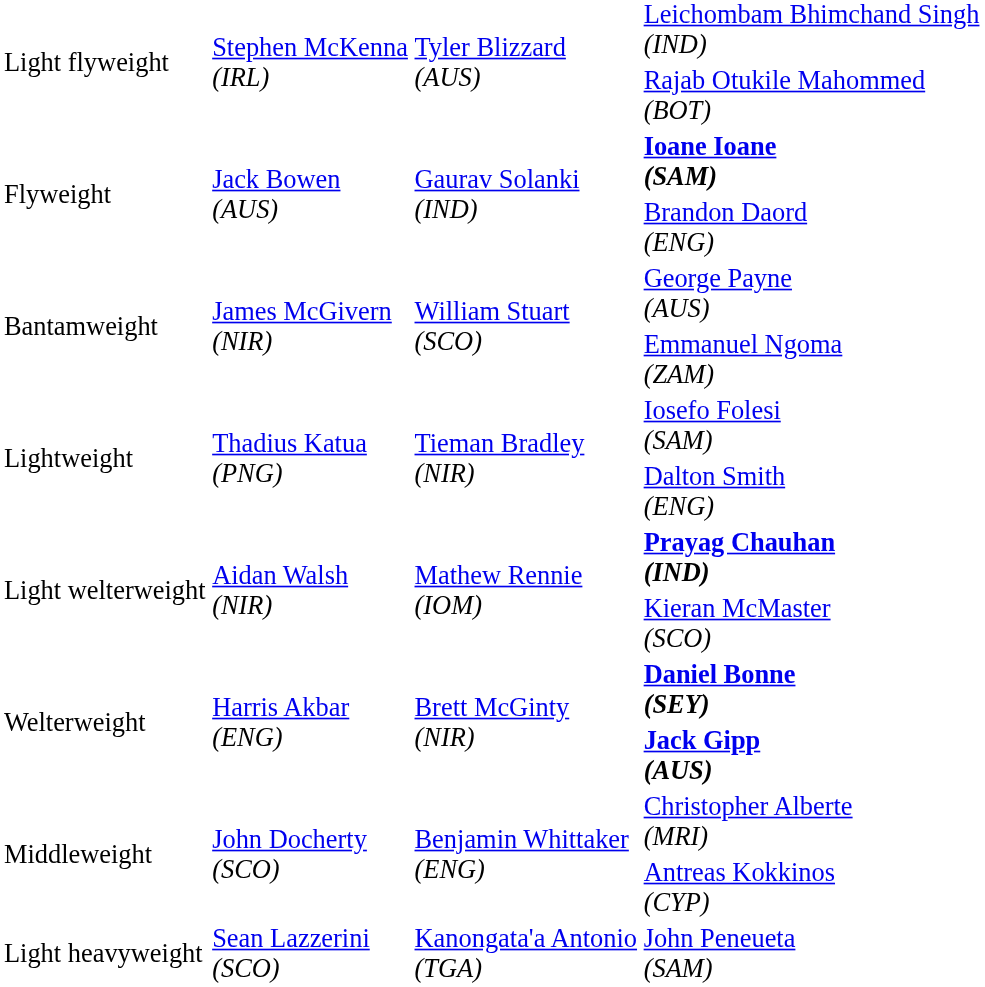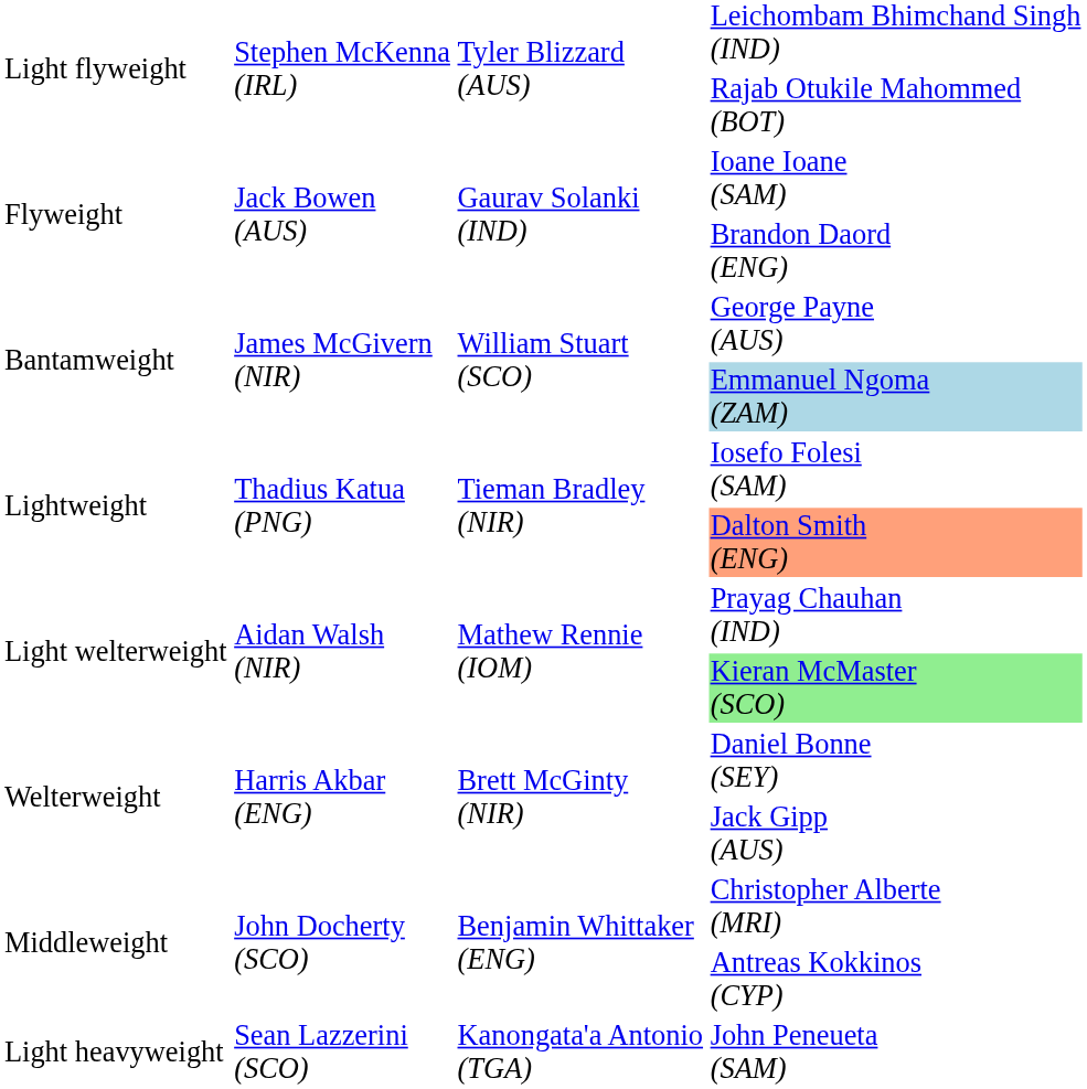 <table>
 <tr>
 <td rowspan=2>Light flyweight</td>
 <td rowspan=2><a href='#'>Stephen McKenna</a><br><em> (IRL)</em></td>
 <td rowspan=2><a href='#'>Tyler Blizzard</a><br><em> (AUS)</em></td>
 <td><a href='#'>Leichombam Bhimchand Singh</a><br><em> (IND)</em></td>
 </tr>
 <tr>
 <td><a href='#'>Rajab Otukile Mahommed</a><br><em> (BOT)</em></td>
 </tr>
 <tr>
 <td rowspan=2>Flyweight</td>
 <td rowspan=2><a href='#'>Jack Bowen</a><br><em> (AUS)</em></td>
 <td rowspan=2><a href='#'>Gaurav Solanki</a><br><em> (IND)</em></td>
-<td><strong><a href='#'>Ioane Ioane</a><br><em> (SAM)</em></strong></td>
+<td><a href='#'>Ioane Ioane</a><br><em> (SAM)</em></td>
 </tr>
 <tr>
 <td><a href='#'>Brandon Daord</a><br><em> (ENG)</em></td>
 </tr>
 <tr>
 <td rowspan=2>Bantamweight</td>
 <td rowspan=2><a href='#'>James McGivern</a><br><em> (NIR)</em></td>
 <td rowspan=2><a href='#'>William Stuart</a><br><em> (SCO)</em></td>
 <td><a href='#'>George Payne</a><br><em> (AUS)</em></td>
 </tr>
 <tr>
-<td><a href='#'>Emmanuel Ngoma</a><br><em> (ZAM)</em></td>
+<td style="background: lightblue;"><a href='#'>Emmanuel Ngoma</a><br><em> (ZAM)</em></td>
 </tr>
 <tr>
 <td rowspan=2>Lightweight</td>
 <td rowspan=2><a href='#'>Thadius Katua</a><br><em> (PNG)</em></td>
 <td rowspan=2><a href='#'>Tieman Bradley</a><br><em> (NIR)</em></td>
 <td><a href='#'>Iosefo Folesi</a><br><em> (SAM)</em></td>
 </tr>
 <tr>
-<td><a href='#'>Dalton Smith</a><br><em> (ENG)</em></td>
+<td style="background: lightsalmon;"><a href='#'>Dalton Smith</a><br><em> (ENG)</em></td>
 </tr>
 <tr>
 <td rowspan=2>Light welterweight</td>
 <td rowspan=2><a href='#'>Aidan Walsh</a><br><em> (NIR)</em></td>
 <td rowspan=2><a href='#'>Mathew Rennie</a><br><em> (IOM)</em></td>
-<td><strong><a href='#'>Prayag Chauhan</a><br><em> (IND)</em></strong></td>
+<td><a href='#'>Prayag Chauhan</a><br><em> (IND)</em></td>
 </tr>
 <tr>
-<td><a href='#'>Kieran McMaster</a><br><em> (SCO)</em></td>
+<td style="background: lightgreen;"><a href='#'>Kieran McMaster</a><br><em> (SCO)</em></td>
 </tr>
 <tr>
 <td rowspan=2>Welterweight</td>
 <td rowspan=2><a href='#'>Harris Akbar</a><br><em> (ENG)</em></td>
 <td rowspan=2><a href='#'>Brett McGinty</a><br><em> (NIR)</em></td>
-<td><strong><a href='#'>Daniel Bonne</a><br><em> (SEY)</em></strong></td>
+<td><a href='#'>Daniel Bonne</a><br><em> (SEY)</em></td>
 </tr>
 <tr>
-<td><strong><a href='#'>Jack Gipp</a><br><em> (AUS)</em></strong></td>
+<td><a href='#'>Jack Gipp</a><br><em> (AUS)</em></td>
 </tr>
 <tr>
 <td rowspan=2>Middleweight</td>
 <td rowspan=2><a href='#'>John Docherty</a><br><em> (SCO)</em></td>
 <td rowspan=2><a href='#'>Benjamin Whittaker</a><br><em> (ENG)</em></td>
 <td><a href='#'>Christopher Alberte</a><br><em> (MRI)</em></td>
 </tr>
 <tr>
 <td><a href='#'>Antreas Kokkinos</a><br><em> (CYP)</em></td>
 </tr>
 <tr>
 <td rowspan=2>Light heavyweight</td>
 <td rowspan=2><a href='#'>Sean Lazzerini</a><br><em> (SCO)</em></td>
 <td rowspan=2><a href='#'>Kanongata'a Antonio</a><br><em> (TGA)</em></td>
 <td rowspan=2><a href='#'>John Peneueta</a><br><em> (SAM)</em></td>
 </tr>
 </table>
